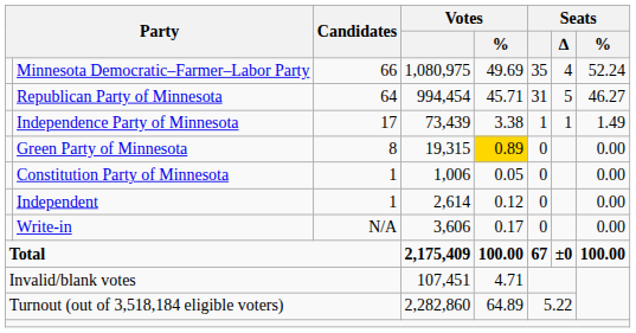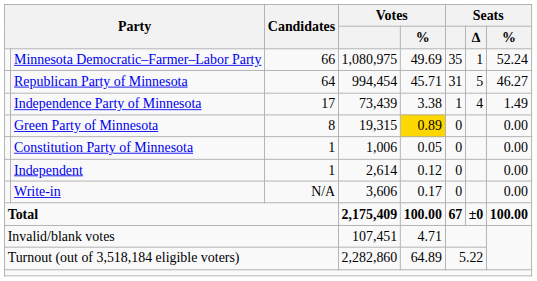 <table class="wikitable">
 <tr>
 <th rowspan="2" colspan="2">Party</th>
 <th rowspan="2">Candidates</th>
 <th colspan="2">Votes</th>
 <th colspan="3">Seats</th>
 </tr>
 <tr>
 <th></th>
 <th>%</th>
 <th></th>
 <th>∆</th>
 <th>%</th>
 </tr>
 <tr>
 <td style="background-color:"></td>
 <td><a href='#'>Minnesota Democratic–Farmer–Labor Party</a></td>
 <td align="right">66</td>
 <td align="right">1,080,975</td>
 <td align="right">49.69</td>
 <td align="right">35</td>
-<td align="right">4</td>
+<td align="right">1</td>
 <td align="right">52.24</td>
 </tr>
 <tr>
 <td style="background-color:"></td>
 <td><a href='#'>Republican Party of Minnesota</a></td>
 <td align="right">64</td>
 <td align="right">994,454</td>
 <td align="right">45.71</td>
 <td align="right">31</td>
 <td align="right">5</td>
 <td align="right">46.27</td>
 </tr>
 <tr>
 <td style="background-color:"></td>
 <td><a href='#'>Independence Party of Minnesota</a></td>
 <td align="right">17</td>
 <td align="right">73,439</td>
 <td align="right">3.38</td>
 <td align="right">1</td>
-<td align="right">1</td>
+<td align="right">4</td>
 <td align="right">1.49</td>
 </tr>
 <tr>
 <td style="background-color:"></td>
 <td><a href='#'>Green Party of Minnesota</a></td>
 <td align="right">8</td>
 <td align="right">19,315</td>
 <td align="right" style="background: gold;">0.89</td>
 <td align="right">0</td>
 <td align="right"></td>
 <td align="right">0.00</td>
 </tr>
 <tr>
 <td style="background-color:"></td>
 <td><a href='#'>Constitution Party of Minnesota</a></td>
 <td align="right">1</td>
 <td align="right">1,006</td>
 <td align="right">0.05</td>
 <td align="right">0</td>
 <td align="right"></td>
 <td align="right">0.00</td>
 </tr>
 <tr>
 <td style="background-color:"></td>
 <td><a href='#'>Independent</a></td>
 <td align="right">1</td>
 <td align="right">2,614</td>
 <td align="right">0.12</td>
 <td align="right">0</td>
 <td align="right"></td>
 <td align="right">0.00</td>
 </tr>
 <tr>
 <td style="background-color:"></td>
 <td><a href='#'>Write-in</a></td>
 <td align="right">N/A</td>
 <td align="right">3,606</td>
 <td align="right">0.17</td>
 <td align="right">0</td>
 <td align="right"></td>
 <td align="right">0.00</td>
 </tr>
 <tr>
 <td colspan="3" align="left"><strong>Total</strong></td>
 <td align="right"><strong>2,175,409</strong></td>
 <td align="right"><strong>100.00</strong></td>
 <td align="right"><strong>67</strong></td>
 <td align="right"><strong>±0</strong></td>
 <td align="right"><strong>100.00</strong></td>
 </tr>
 <tr>
 <td colspan="3" align="left">Invalid/blank votes</td>
 <td colspan="1" align="right">107,451</td>
 <td colspan="1" align="right">4.71</td>
 <td colspan="2"></td>
 <td rowspan="2"></td>
 </tr>
 <tr>
 <td colspan="3" align="left">Turnout (out of 3,518,184 eligible voters)</td>
 <td colspan="1" align="right">2,282,860</td>
 <td colspan="1" align="right">64.89</td>
 <td colspan="2" align="right">5.22 </td>
 </tr>
 <tr>
 <td colspan="8"></td>
 </tr>
 </table>
